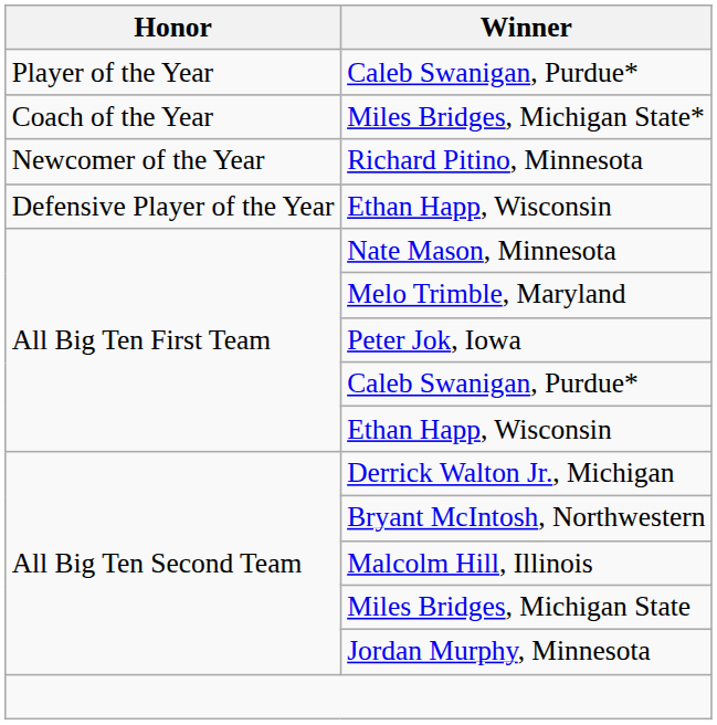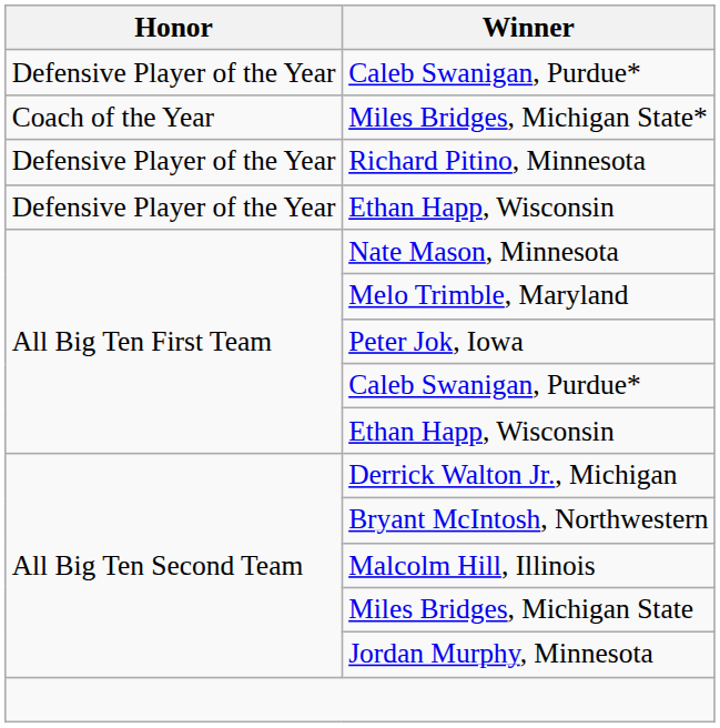 <table class="wikitable" border="1">
 <tr>
 <th>Honor</th>
 <th>Winner</th>
 </tr>
 <tr>
-<td>Player of the Year</td>
+<td>Defensive Player of the Year</td>
 <td><a href='#'>Caleb Swanigan</a>, Purdue*</td>
 </tr>
 <tr>
 <td>Coach of the Year</td>
 <td><a href='#'>Miles Bridges</a>, Michigan State*</td>
 </tr>
 <tr>
-<td>Newcomer of the Year</td>
+<td>Defensive Player of the Year</td>
 <td><a href='#'>Richard Pitino</a>, Minnesota</td>
 </tr>
 <tr>
 <td>Defensive Player of the Year</td>
 <td><a href='#'>Ethan Happ</a>, Wisconsin</td>
 </tr>
 <tr>
 <td rowspan=5 valign=middle>All Big Ten First Team</td>
 <td><a href='#'>Nate Mason</a>, Minnesota</td>
 </tr>
 <tr>
 <td><a href='#'>Melo Trimble</a>, Maryland</td>
 </tr>
 <tr>
 <td><a href='#'>Peter Jok</a>, Iowa</td>
 </tr>
 <tr>
 <td><a href='#'>Caleb Swanigan</a>, Purdue*</td>
 </tr>
 <tr>
 <td><a href='#'>Ethan Happ</a>, Wisconsin</td>
 </tr>
 <tr>
 <td rowspan=5 valign=middle>All Big Ten Second Team</td>
 <td><a href='#'>Derrick Walton Jr.</a>, Michigan</td>
 </tr>
 <tr>
 <td><a href='#'>Bryant McIntosh</a>, Northwestern</td>
 </tr>
 <tr>
 <td><a href='#'>Malcolm Hill</a>, Illinois</td>
 </tr>
 <tr>
 <td><a href='#'>Miles Bridges</a>, Michigan State</td>
 </tr>
 <tr>
 <td><a href='#'>Jordan Murphy</a>, Minnesota</td>
 </tr>
 <tr>
 <td colspan=2 valingn=middle><br></td>
 </tr>
 </table>
